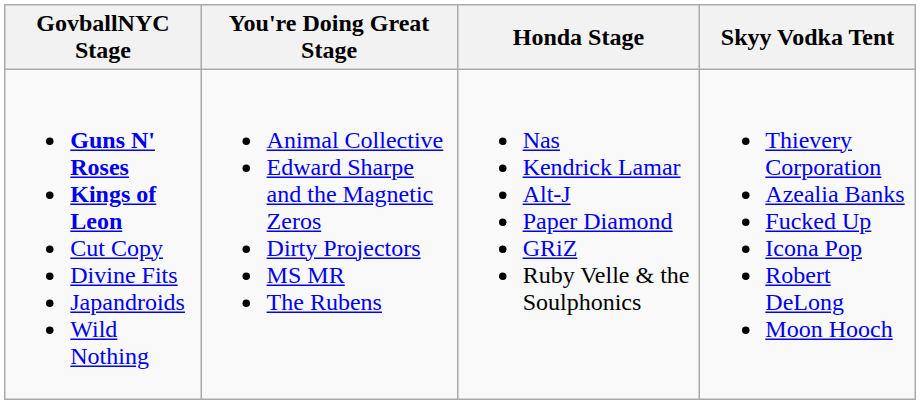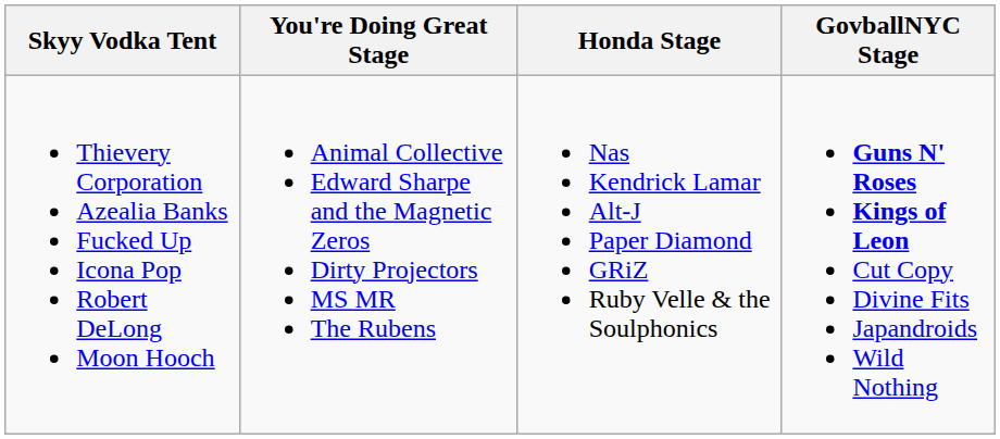 <table class="wikitable">
 <tr>
-<th>GovballNYC Stage</th>
+<th>Skyy Vodka Tent</th>
 <th>You're Doing Great Stage</th>
 <th>Honda Stage</th>
-<th>Skyy Vodka Tent</th>
+<th>GovballNYC Stage</th>
 </tr>
 <tr valign="top">
-<td><br><ul><li><strong><a href='#'>Guns N' Roses</a></strong></li><li><strong><a href='#'>Kings of Leon</a></strong></li><li><a href='#'>Cut Copy</a></li><li><a href='#'>Divine Fits</a></li><li><a href='#'>Japandroids</a></li><li><a href='#'>Wild Nothing</a></li></ul></td>
+<td><br><ul><li><a href='#'>Thievery Corporation</a></li><li><a href='#'>Azealia Banks</a></li><li><a href='#'>Fucked Up</a></li><li><a href='#'>Icona Pop</a></li><li><a href='#'>Robert DeLong</a></li><li><a href='#'>Moon Hooch</a></li></ul></td>
 <td><br><ul><li><a href='#'>Animal Collective</a></li><li><a href='#'>Edward Sharpe and the Magnetic Zeros</a></li><li><a href='#'>Dirty Projectors</a></li><li><a href='#'>MS MR</a></li><li><a href='#'>The Rubens</a></li></ul></td>
 <td><br><ul><li><a href='#'>Nas</a></li><li><a href='#'>Kendrick Lamar</a></li><li><a href='#'>Alt-J</a></li><li><a href='#'>Paper Diamond</a></li><li><a href='#'>GRiZ</a></li><li>Ruby Velle & the Soulphonics</li></ul></td>
-<td><br><ul><li><a href='#'>Thievery Corporation</a></li><li><a href='#'>Azealia Banks</a></li><li><a href='#'>Fucked Up</a></li><li><a href='#'>Icona Pop</a></li><li><a href='#'>Robert DeLong</a></li><li><a href='#'>Moon Hooch</a></li></ul></td>
+<td><br><ul><li><strong><a href='#'>Guns N' Roses</a></strong></li><li><strong><a href='#'>Kings of Leon</a></strong></li><li><a href='#'>Cut Copy</a></li><li><a href='#'>Divine Fits</a></li><li><a href='#'>Japandroids</a></li><li><a href='#'>Wild Nothing</a></li></ul></td>
 </tr>
 </table>
